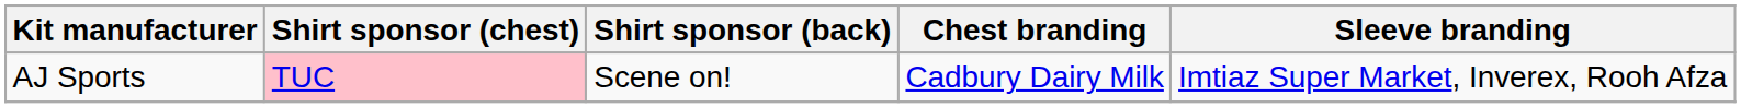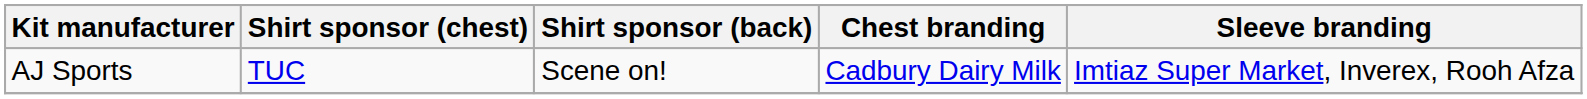 <table class="wikitable"  style="font-size:85%;">
 <tr>
 <th>Kit manufacturer</th>
 <th>Shirt sponsor (chest)</th>
 <th>Shirt sponsor (back)</th>
 <th>Chest branding</th>
 <th>Sleeve branding</th>
 </tr>
 <tr>
 <td>AJ Sports</td>
-<td style="background: pink;"><a href='#'>TUC</a></td>
+<td><a href='#'>TUC</a></td>
 <td>Scene on!</td>
 <td><a href='#'>Cadbury Dairy Milk</a></td>
 <td><a href='#'>Imtiaz Super Market</a>, Inverex, Rooh Afza</td>
 </tr>
 <tr>
 </tr>
 </table>
